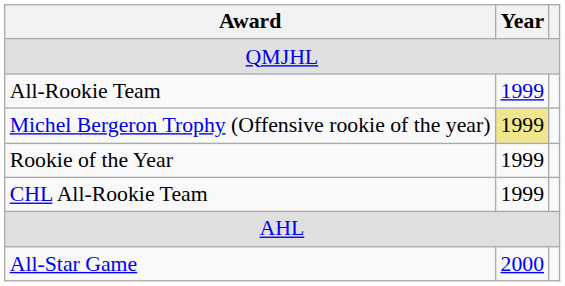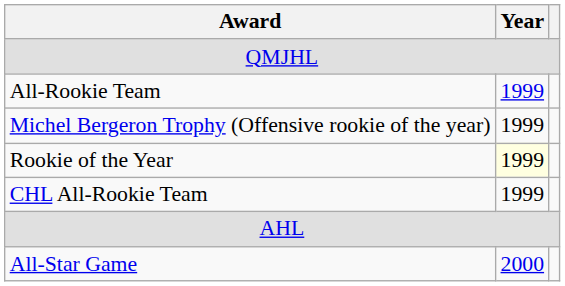 <table class="wikitable">
 <tr>
 <th>Award</th>
 <th>Year</th>
 <th></th>
 </tr>
 <tr ALIGN="center" bgcolor="#e0e0e0">
 <td colspan="3"><a href='#'>QMJHL</a></td>
 </tr>
 <tr>
 <td>All-Rookie Team</td>
 <td><a href='#'>1999</a></td>
 <td></td>
 </tr>
 <tr>
 <td><a href='#'>Michel Bergeron Trophy</a> (Offensive rookie of the year)</td>
-<td style="background: khaki;">1999</td>
+<td>1999</td>
 <td></td>
 </tr>
 <tr>
 <td>Rookie of the Year</td>
-<td>1999</td>
+<td style="background: lightyellow;">1999</td>
 <td></td>
 </tr>
 <tr>
 <td><a href='#'>CHL</a> All-Rookie Team</td>
 <td>1999</td>
 <td></td>
 </tr>
 <tr ALIGN="center" bgcolor="#e0e0e0">
 <td colspan="3"><a href='#'>AHL</a></td>
 </tr>
 <tr>
 <td><a href='#'>All-Star Game</a></td>
 <td><a href='#'>2000</a></td>
 <td></td>
 </tr>
 </table>
